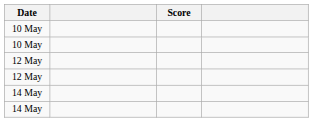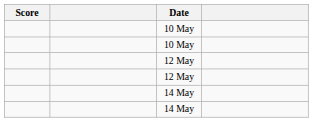 <table class="wikitable" style="text-align: center; font-size:90% ">
 <tr>
+<th width="60">Score</th>
+<th align="right" width="150"></th>
 <th width="60">Date</th>
-<th align="right" width="150"></th>
-<th width="60">Score</th>
 <th align="left" width="150"></th>
 </tr>
 <tr>
+<td align=center></td>
+<td align=left><strong></strong></td>
 <td>10 May</td>
-<td align=left><strong></strong></td>
-<td align=center></td>
 <td align=left></td>
 </tr>
 <tr>
+<td align=center></td>
+<td align=left><strong></strong></td>
 <td>10 May</td>
-<td align=left><strong></strong></td>
-<td align=center></td>
 <td align=left></td>
 </tr>
 <tr>
+<td align=center></td>
+<td align=left><strong></strong></td>
 <td>12 May</td>
-<td align=left><strong></strong></td>
-<td align=center></td>
 <td align=left></td>
 </tr>
 <tr>
+<td align=center></td>
+<td align=left><strong></strong></td>
 <td>12 May</td>
-<td align=left><strong></strong></td>
-<td align=center></td>
 <td align=left></td>
 </tr>
 <tr>
+<td align=center></td>
+<td align=left></td>
 <td>14 May</td>
-<td align=left></td>
-<td align=center></td>
 <td align=left><strong></strong></td>
 </tr>
 <tr>
+<td align=center></td>
+<td align=left></td>
 <td>14 May</td>
-<td align=left></td>
-<td align=center></td>
 <td align=left><strong></strong></td>
 </tr>
 </table>
